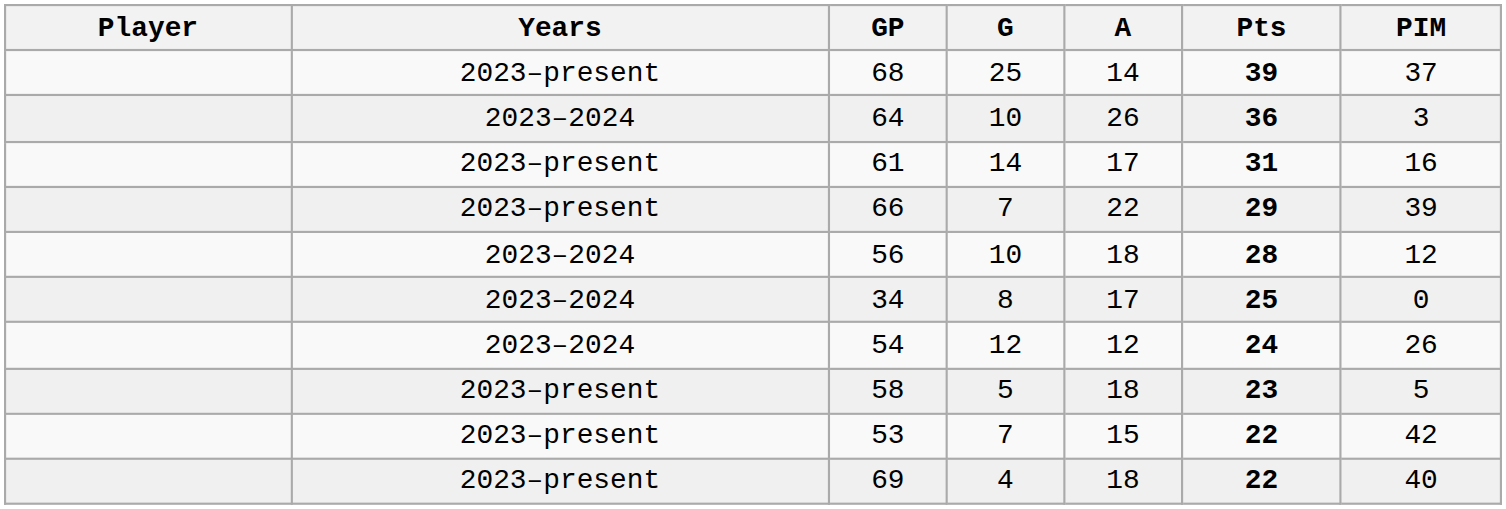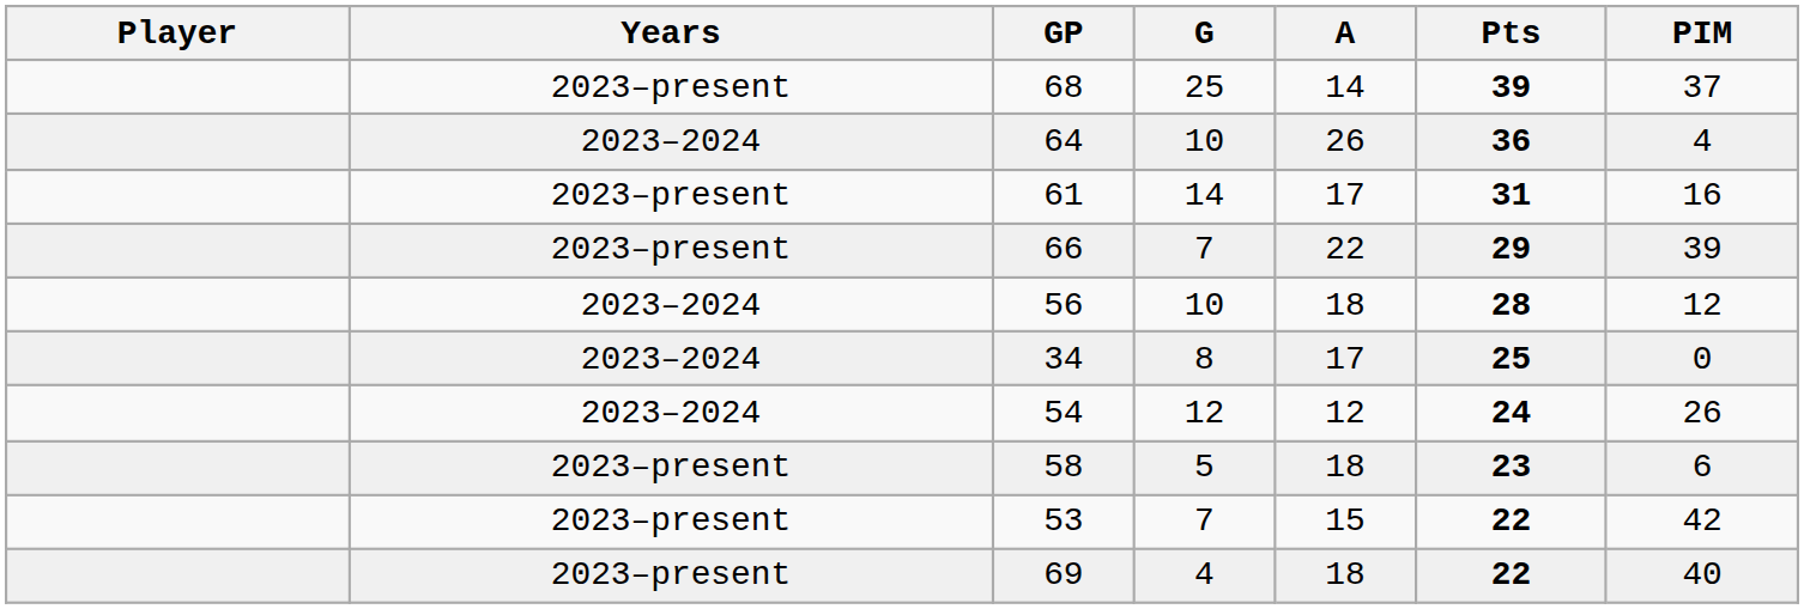 <table class="wikitable sortable" width ="700" cellpadding="1" border="1" cellspacing="0">
 <tr>
 <th>Player</th>
 <th>Years</th>
 <th>GP</th>
 <th>G</th>
 <th>A</th>
 <th>Pts</th>
 <th>PIM</th>
 </tr>
 <tr align=center>
 <td></td>
 <td>2023–present</td>
 <td>68</td>
 <td>25</td>
 <td>14</td>
 <td><strong>39</strong></td>
 <td>37</td>
 </tr>
 <tr align=center bgcolor=f0f0f0>
 <td></td>
 <td>2023–2024</td>
 <td>64</td>
 <td>10</td>
 <td>26</td>
 <td><strong>36</strong></td>
-<td>3</td>
+<td>4</td>
 </tr>
 <tr align=center>
 <td></td>
 <td>2023–present</td>
 <td>61</td>
 <td>14</td>
 <td>17</td>
 <td><strong>31</strong></td>
 <td>16</td>
 </tr>
 <tr align=center bgcolor=f0f0f0>
 <td></td>
 <td>2023–present</td>
 <td>66</td>
 <td>7</td>
 <td>22</td>
 <td><strong>29</strong></td>
 <td>39</td>
 </tr>
 <tr align=center>
 <td></td>
 <td>2023–2024</td>
 <td>56</td>
 <td>10</td>
 <td>18</td>
 <td><strong>28</strong></td>
 <td>12</td>
 </tr>
 <tr align=center bgcolor=f0f0f0>
 <td></td>
 <td>2023–2024</td>
 <td>34</td>
 <td>8</td>
 <td>17</td>
 <td><strong>25</strong></td>
 <td>0</td>
 </tr>
 <tr align=center>
 <td></td>
 <td>2023–2024</td>
 <td>54</td>
 <td>12</td>
 <td>12</td>
 <td><strong>24</strong></td>
 <td>26</td>
 </tr>
 <tr align=center bgcolor=f0f0f0>
 <td></td>
 <td>2023–present</td>
 <td>58</td>
 <td>5</td>
 <td>18</td>
 <td><strong>23</strong></td>
-<td>5</td>
+<td>6</td>
 </tr>
 <tr align=center>
 <td></td>
 <td>2023–present</td>
 <td>53</td>
 <td>7</td>
 <td>15</td>
 <td><strong>22</strong></td>
 <td>42</td>
 </tr>
 <tr align=center bgcolor=f0f0f0>
 <td></td>
 <td>2023–present</td>
 <td>69</td>
 <td>4</td>
 <td>18</td>
 <td><strong>22</strong></td>
 <td>40</td>
 </tr>
 </table>
